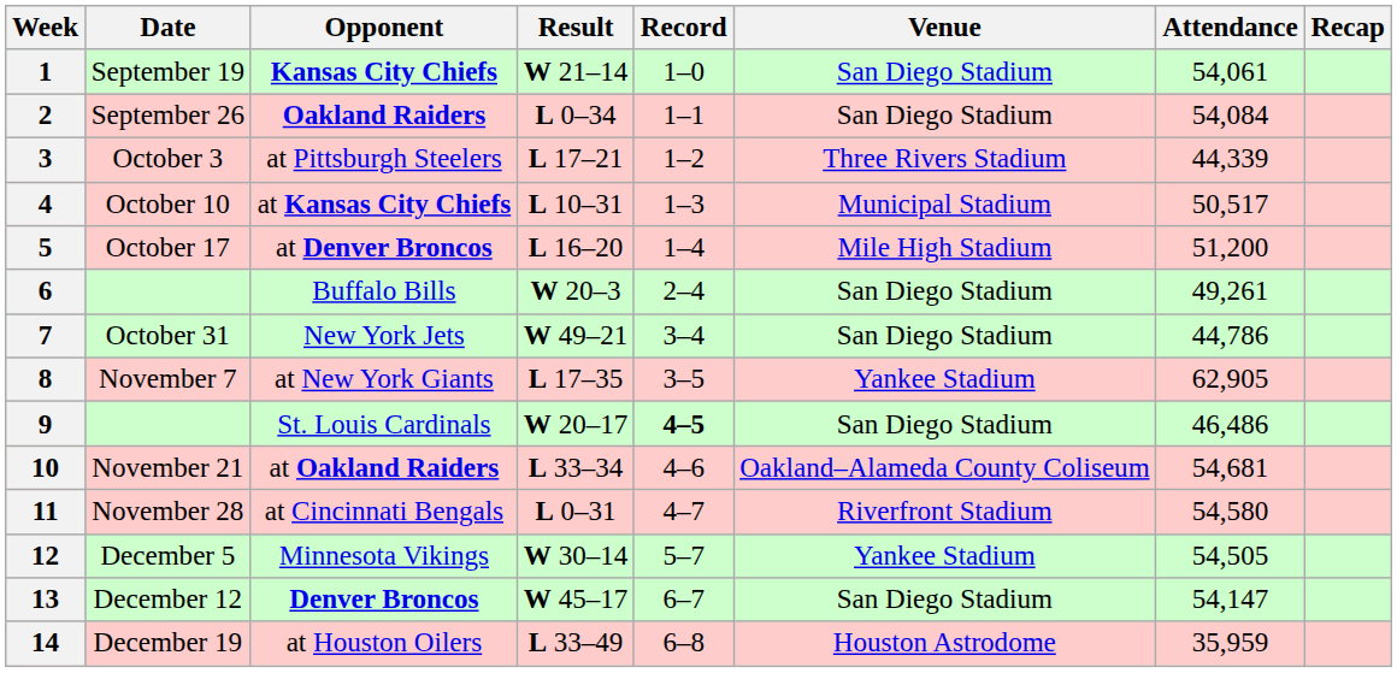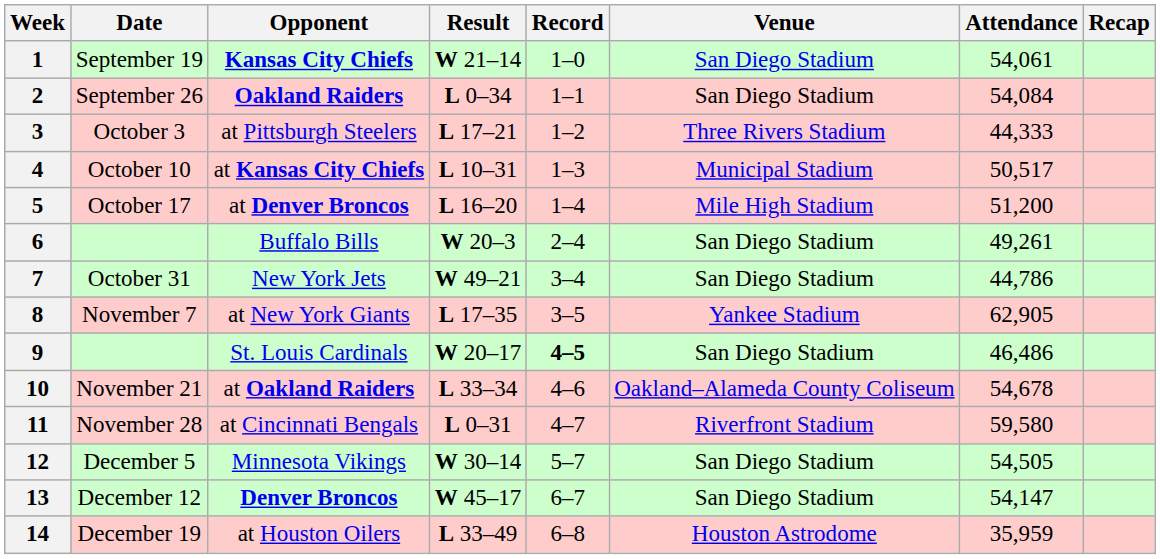 <table class="wikitable" style="text-align:center">
 <tr>
 <th>Week</th>
 <th>Date</th>
 <th>Opponent</th>
 <th>Result</th>
 <th>Record</th>
 <th>Venue</th>
 <th>Attendance</th>
 <th>Recap</th>
 </tr>
 <tr style="background:#cfc">
 <th>1</th>
 <td>September 19</td>
 <td><strong><a href='#'>Kansas City Chiefs</a></strong></td>
 <td><strong>W</strong> 21–14</td>
 <td>1–0</td>
 <td><a href='#'>San Diego Stadium</a></td>
 <td>54,061</td>
 <td></td>
 </tr>
 <tr style="background:#fcc">
 <th>2</th>
 <td>September 26</td>
 <td><strong><a href='#'>Oakland Raiders</a></strong></td>
 <td><strong>L</strong> 0–34</td>
 <td>1–1</td>
 <td>San Diego Stadium</td>
 <td>54,084</td>
 <td></td>
 </tr>
 <tr style="background:#fcc">
 <th>3</th>
 <td>October 3</td>
 <td>at <a href='#'>Pittsburgh Steelers</a></td>
 <td><strong>L</strong> 17–21</td>
 <td>1–2</td>
 <td><a href='#'>Three Rivers Stadium</a></td>
-<td>44,339</td>
+<td>44,333</td>
 <td></td>
 </tr>
 <tr style="background:#fcc">
 <th>4</th>
 <td>October 10</td>
 <td>at <strong><a href='#'>Kansas City Chiefs</a></strong></td>
 <td><strong>L</strong> 10–31</td>
 <td>1–3</td>
 <td><a href='#'>Municipal Stadium</a></td>
 <td>50,517</td>
 <td></td>
 </tr>
 <tr style="background:#fcc">
 <th>5</th>
 <td>October 17</td>
 <td>at <strong><a href='#'>Denver Broncos</a></strong></td>
 <td><strong>L</strong> 16–20</td>
 <td>1–4</td>
 <td><a href='#'>Mile High Stadium</a></td>
 <td>51,200</td>
 <td></td>
 </tr>
 <tr style="background:#cfc">
 <th>6</th>
 <td></td>
 <td><a href='#'>Buffalo Bills</a></td>
 <td><strong>W</strong> 20–3</td>
 <td>2–4</td>
 <td>San Diego Stadium</td>
 <td>49,261</td>
 <td></td>
 </tr>
 <tr style="background:#cfc">
 <th>7</th>
 <td>October 31</td>
 <td><a href='#'>New York Jets</a></td>
 <td><strong>W</strong> 49–21</td>
 <td>3–4</td>
 <td>San Diego Stadium</td>
 <td>44,786</td>
 <td></td>
 </tr>
 <tr style="background:#fcc">
 <th>8</th>
 <td>November 7</td>
 <td>at <a href='#'>New York Giants</a></td>
 <td><strong>L</strong> 17–35</td>
 <td>3–5</td>
 <td><a href='#'>Yankee Stadium</a></td>
 <td>62,905</td>
 <td></td>
 </tr>
 <tr style="background:#cfc">
 <th>9</th>
 <td></td>
 <td><a href='#'>St. Louis Cardinals</a></td>
 <td><strong>W</strong> 20–17</td>
 <td><strong>4–5</strong></td>
 <td>San Diego Stadium</td>
 <td>46,486</td>
 <td></td>
 </tr>
 <tr style="background:#fcc">
 <th>10</th>
 <td>November 21</td>
 <td>at <strong><a href='#'>Oakland Raiders</a></strong></td>
 <td><strong>L</strong> 33–34</td>
 <td>4–6</td>
 <td><a href='#'>Oakland–Alameda County Coliseum</a></td>
-<td>54,681</td>
+<td>54,678</td>
 <td></td>
 </tr>
 <tr style="background:#fcc">
 <th>11</th>
 <td>November 28</td>
 <td>at <a href='#'>Cincinnati Bengals</a></td>
 <td><strong>L</strong> 0–31</td>
 <td>4–7</td>
 <td><a href='#'>Riverfront Stadium</a></td>
-<td>54,580</td>
+<td>59,580</td>
 <td></td>
 </tr>
 <tr style="background:#cfc">
 <th>12</th>
 <td>December 5</td>
 <td><a href='#'>Minnesota Vikings</a></td>
 <td><strong>W</strong> 30–14</td>
 <td>5–7</td>
-<td><a href='#'>Yankee Stadium</a></td>
+<td>San Diego Stadium</td>
 <td>54,505</td>
 <td></td>
 </tr>
 <tr style="background:#cfc">
 <th>13</th>
 <td>December 12</td>
 <td><strong><a href='#'>Denver Broncos</a></strong></td>
 <td><strong>W</strong> 45–17</td>
 <td>6–7</td>
 <td>San Diego Stadium</td>
 <td>54,147</td>
 <td></td>
 </tr>
 <tr style="background:#fcc">
 <th>14</th>
 <td>December 19</td>
 <td>at <a href='#'>Houston Oilers</a></td>
 <td><strong>L</strong> 33–49</td>
 <td>6–8</td>
 <td><a href='#'>Houston Astrodome</a></td>
 <td>35,959</td>
 <td></td>
 </tr>
 </table>
